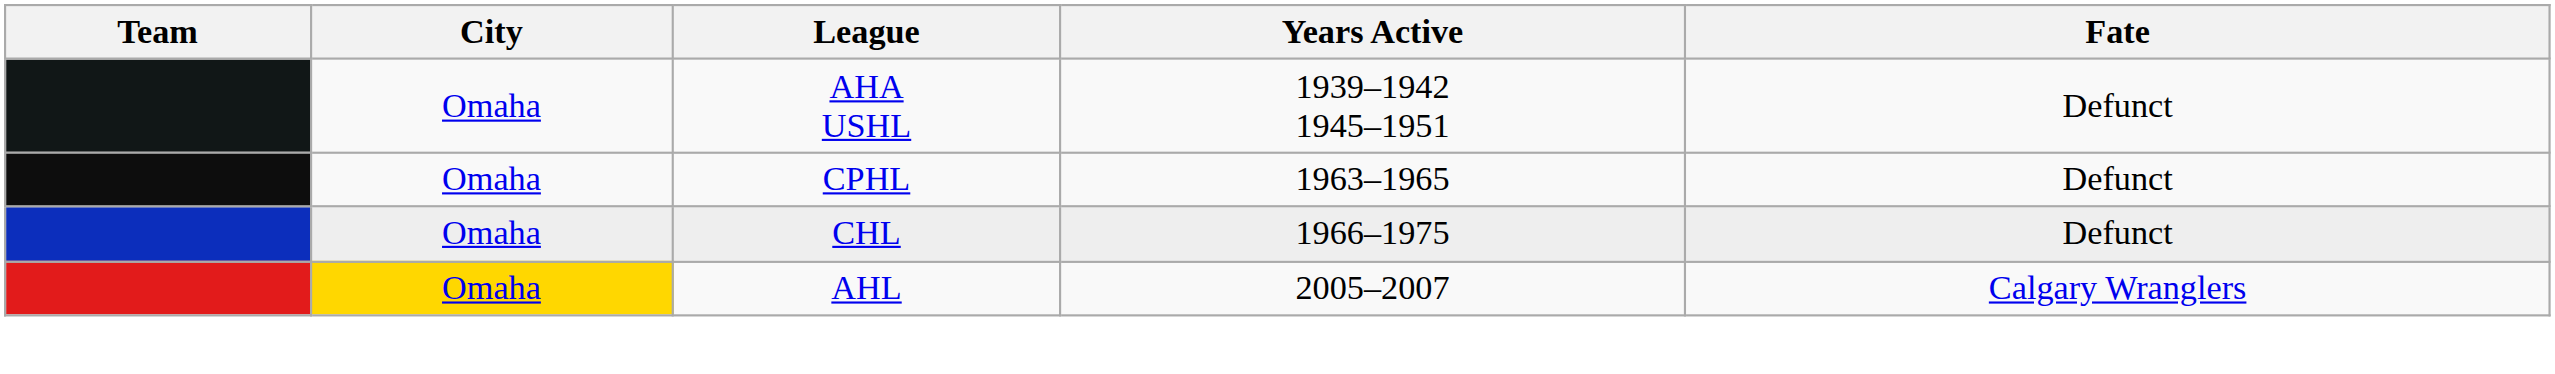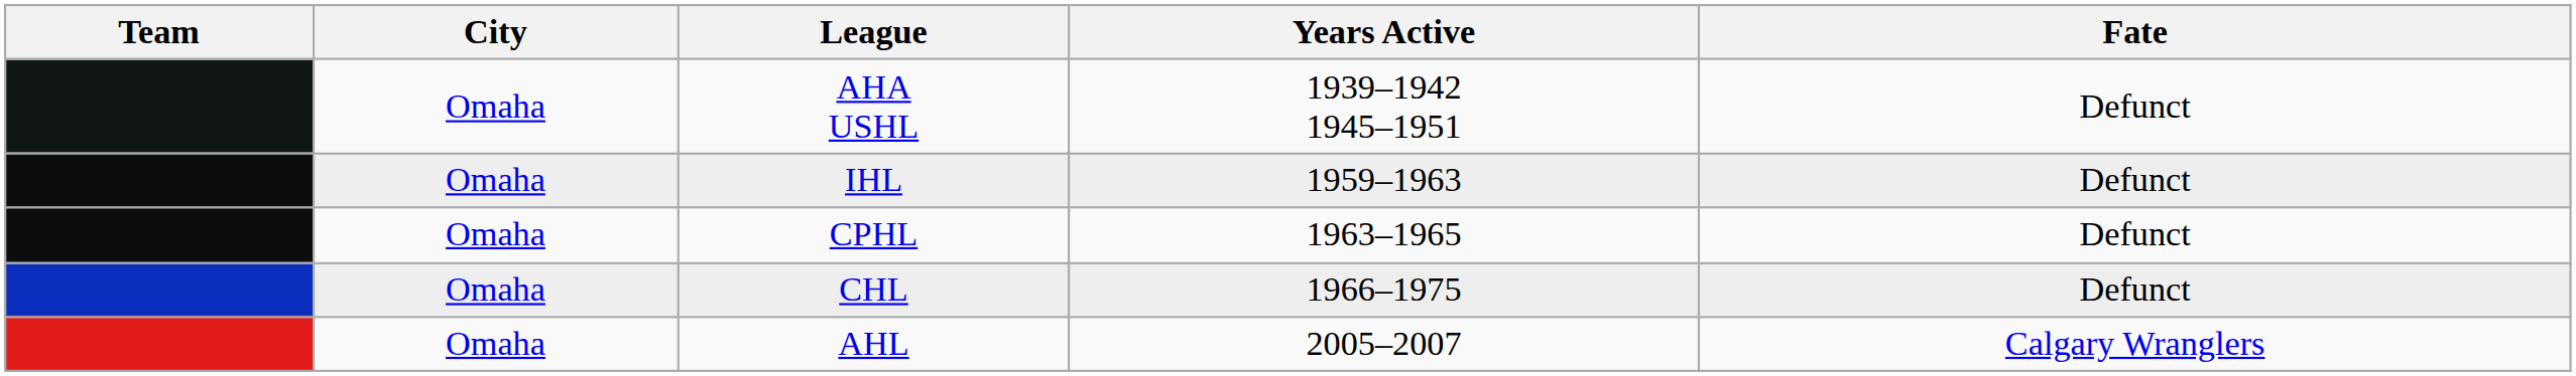 <table class="wikitable sortable" width="60%">
 <tr>
 <th>Team</th>
 <th>City</th>
 <th>League</th>
 <th>Years Active</th>
 <th>Fate</th>
 </tr>
 <tr align=center>
 <td style="color:white; background:#111717; "><strong><a href='#'></a></strong></td>
 <td><a href='#'>Omaha</a></td>
 <td><a href='#'>AHA</a><br><a href='#'>USHL</a></td>
 <td>1939–1942<br>1945–1951</td>
+<td>Defunct</td>
+</tr>
+<tr align=center bgcolor=eeeeee>
+<td style="color:white; background:#0d0d0d; "><strong><a href='#'></a></strong></td>
+<td><a href='#'>Omaha</a></td>
+<td><a href='#'>IHL</a></td>
+<td>1959–1963</td>
 <td>Defunct</td>
 </tr>
 <tr align=center>
 <td style="color:white; background:#0d0d0d; "><strong><a href='#'></a></strong></td>
 <td><a href='#'>Omaha</a></td>
 <td><a href='#'>CPHL</a></td>
 <td>1963–1965</td>
 <td>Defunct</td>
 </tr>
 <tr align=center bgcolor=eeeeee>
 <td style="color:white; background:#0c2ebc; "><strong><a href='#'></a></strong></td>
 <td><a href='#'>Omaha</a></td>
 <td><a href='#'>CHL</a></td>
 <td>1966–1975</td>
 <td>Defunct</td>
 </tr>
 <tr align=center>
 <td style="color:white; background:#e21b1b; "><strong><a href='#'></a></strong></td>
-<td style="background: gold;"><a href='#'>Omaha</a></td>
+<td><a href='#'>Omaha</a></td>
 <td><a href='#'>AHL</a></td>
 <td>2005–2007</td>
 <td><a href='#'>Calgary Wranglers</a></td>
 </tr>
 </table>
